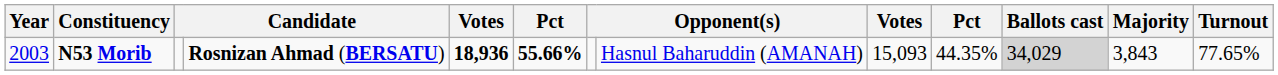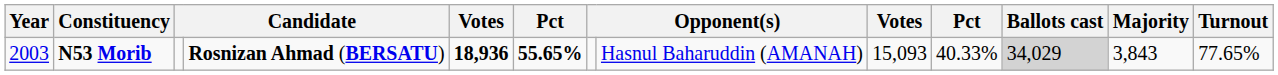 <table class="wikitable" style="margin:0.5em ; font-size:95%">
 <tr>
 <th>Year</th>
 <th>Constituency</th>
 <th colspan=2>Candidate</th>
 <th>Votes</th>
 <th>Pct</th>
 <th colspan=2>Opponent(s)</th>
 <th>Votes</th>
 <th>Pct</th>
 <th>Ballots cast</th>
 <th>Majority</th>
 <th>Turnout</th>
 </tr>
 <tr>
 <td><a href='#'>2003</a></td>
 <td><strong>N53 <a href='#'>Morib</a></strong></td>
 <td></td>
 <td><strong>Rosnizan Ahmad</strong> (<a href='#'><strong>BERSATU</strong></a>)</td>
 <td align=right><strong>18,936</strong></td>
-<td><strong>55.66%</strong></td>
+<td><strong>55.65%</strong></td>
 <td></td>
 <td><a href='#'>Hasnul Baharuddin</a> (<a href='#'>AMANAH</a>)</td>
 <td align=right>15,093</td>
-<td>44.35%</td>
+<td>40.33%</td>
 <td style="background: lightgrey;">34,029</td>
 <td>3,843</td>
 <td>77.65%</td>
 </tr>
 </table>
